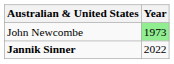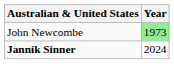 <table class=wikitable style="display:inline-table;">
 <tr>
 <th>Australian & United States</th>
 <th>Year</th>
 </tr>
 <tr>
 <td> John Newcombe</td>
 <td style="background: lightgreen;">1973</td>
 </tr>
 <tr>
 <td> <strong>Jannik Sinner</strong></td>
-<td>2022</td>
+<td>2024</td>
 </tr>
 </table>
